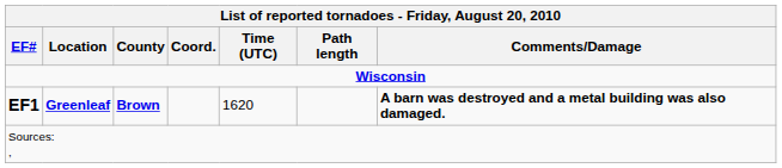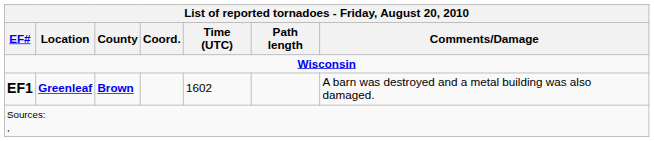 <table class="wikitable collapsible" width="100%">
 <tr>
 <th colspan="7">List of reported tornadoes - Friday, August 20, 2010</th>
 </tr>
 <tr>
 <th><a href='#'>EF#</a></th>
 <th>Location</th>
 <th>County</th>
 <th>Coord.</th>
 <th>Time (UTC)</th>
 <th>Path length</th>
 <th>Comments/Damage</th>
 </tr>
 <tr>
 <td colspan="7" align=center><strong><a href='#'>Wisconsin</a></strong></td>
 </tr>
 <tr>
 <td><big><strong>EF1</strong></big></td>
 <td><strong><a href='#'>Greenleaf</a></strong></td>
 <td><strong><a href='#'>Brown</a></strong></td>
 <td></td>
-<td>1620</td>
+<td>1602</td>
 <td></td>
-<td><strong>A barn was destroyed and a metal building was also damaged.</strong></td>
+<td>A barn was destroyed and a metal building was also damaged.</td>
 </tr>
 <tr>
 <td colspan="7"><small>Sources:<br>, </small></td>
 </tr>
 </table>
